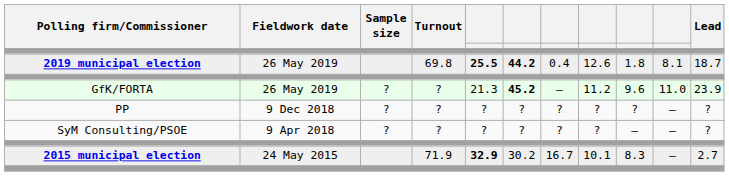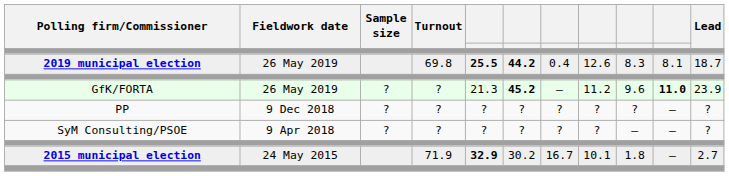 <table class="wikitable collapsible collapsed" style="text-align:center; font-size:95%; line-height:16px;">
 <tr style="height:42px;">
 <th style="width:250px;" rowspan="2">Polling firm/Commissioner</th>
 <th style="width:125px;" rowspan="2">Fieldwork date</th>
 <th style="width:50px;" rowspan="2">Sample size</th>
 <th style="width:45px;" rowspan="2">Turnout</th>
 <th style="width:35px;"></th>
 <th style="width:35px;"></th>
 <th style="width:35px;"></th>
 <th style="width:35px;"></th>
 <th style="width:35px;"></th>
 <th style="width:35px;"></th>
 <th style="width:30px;" rowspan="2">Lead</th>
 </tr>
 <tr>
 <th style="color:inherit;background:"></th>
 <th style="color:inherit;background:"></th>
 <th style="color:inherit;background:"></th>
 <th style="color:inherit;background:"></th>
 <th style="color:inherit;background:"></th>
 <th style="color:inherit;background:"></th>
 </tr>
 <tr>
 <td colspan="11" style="background:#A0A0A0"></td>
 </tr>
 <tr style="background:#EFEFEF;">
 <td><strong><a href='#'>2019 municipal election</a></strong></td>
 <td>26 May 2019</td>
 <td></td>
 <td>69.8</td>
 <td><strong>25.5<br></strong></td>
 <td><strong>44.2</strong><br></td>
 <td>0.4<br></td>
 <td>12.6<br></td>
-<td>1.8<br></td>
+<td>8.3<br></td>
 <td>8.1<br></td>
 <td style="background:">18.7</td>
 </tr>
 <tr>
 <td colspan="11" style="background:#A0A0A0"></td>
 </tr>
 <tr style="background:#EAFFEA;">
 <td>GfK/FORTA</td>
 <td>26 May 2019</td>
 <td>?</td>
 <td>?</td>
 <td>21.3<br></td>
 <td><strong>45.2</strong><br></td>
 <td>–</td>
 <td>11.2<br></td>
 <td>9.6<br></td>
-<td>11.0<br></td>
+<td><strong>11.0<br></strong></td>
 <td style="background:">23.9</td>
 </tr>
 <tr>
 <td>PP</td>
 <td>9 Dec 2018</td>
 <td>?</td>
 <td>?</td>
 <td>?<br></td>
 <td>?<br></td>
 <td>?<br></td>
 <td>?<br></td>
 <td>?<br></td>
 <td>–</td>
 <td style="background:">?</td>
 </tr>
 <tr>
 <td>SyM Consulting/PSOE</td>
 <td>9 Apr 2018</td>
 <td>?</td>
 <td>?</td>
 <td>?<br></td>
 <td>?<br></td>
 <td>?<br></td>
 <td>?<br></td>
 <td>–</td>
 <td>–</td>
 <td style="background:">?</td>
 </tr>
 <tr>
 <td colspan="11" style="background:#A0A0A0"></td>
 </tr>
 <tr style="background:#EFEFEF;">
 <td><strong><a href='#'>2015 municipal election</a></strong></td>
 <td>24 May 2015</td>
 <td></td>
 <td>71.9</td>
 <td><strong>32.9</strong><br></td>
 <td>30.2<br></td>
 <td>16.7<br></td>
 <td>10.1<br></td>
-<td>8.3<br></td>
+<td>1.8<br></td>
 <td>–</td>
 <td style="background:">2.7</td>
 </tr>
 <tr>
 <td colspan="11" style="background:#A0A0A0"></td>
 </tr>
 </table>
